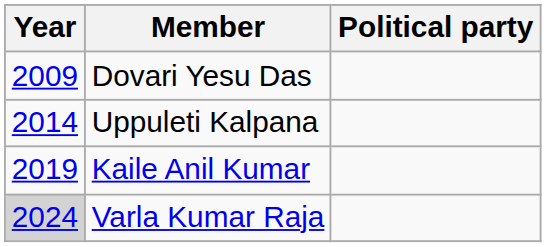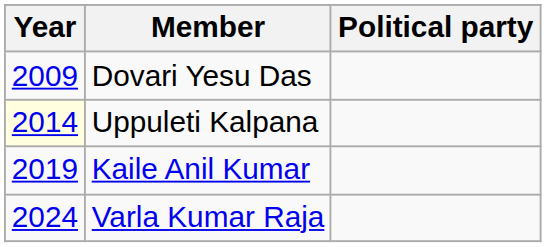 <table class="wikitable sortable">
 <tr>
 <th>Year</th>
 <th>Member</th>
 <th colspan="2">Political party</th>
 </tr>
 <tr>
 <td><a href='#'>2009</a></td>
 <td>Dovari Yesu Das</td>
 <td></td>
 </tr>
 <tr>
-<td><a href='#'>2014</a></td>
+<td style="background: lightyellow;"><a href='#'>2014</a></td>
 <td>Uppuleti Kalpana</td>
 <td></td>
 </tr>
 <tr>
 <td><a href='#'>2019</a></td>
 <td><a href='#'>Kaile Anil Kumar</a></td>
 </tr>
 <tr>
-<td style="background: lightgrey;"><a href='#'>2024</a></td>
+<td><a href='#'>2024</a></td>
 <td><a href='#'>Varla Kumar Raja</a></td>
 <td></td>
 </tr>
 </table>
